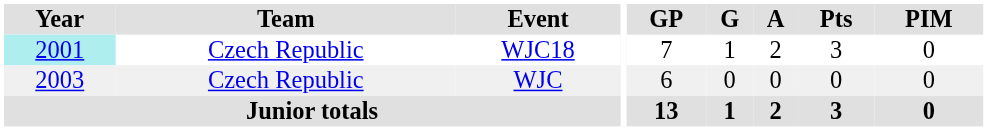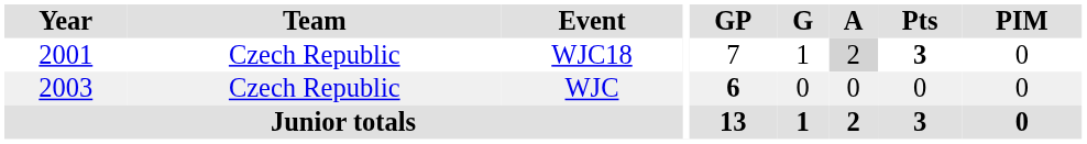 <table border="0" cellpadding="1" cellspacing="0" ID="Table3" style="text-align:center; width:40em">
 <tr ALIGN="center" bgcolor="#e0e0e0">
 <th>Year</th>
 <th>Team</th>
 <th>Event</th>
 <th rowspan="99" bgcolor="#ffffff"></th>
 <th>GP</th>
 <th>G</th>
 <th>A</th>
 <th>Pts</th>
 <th>PIM</th>
 </tr>
 <tr>
-<td style="background: paleturquoise;"><a href='#'>2001</a></td>
+<td><a href='#'>2001</a></td>
 <td><a href='#'>Czech Republic</a></td>
 <td><a href='#'>WJC18</a></td>
 <td>7</td>
 <td>1</td>
-<td>2</td>
-<td>3</td>
+<td style="background: lightgrey;">2</td>
+<td><strong>3</strong></td>
 <td>0</td>
 </tr>
 <tr bgcolor="#f0f0f0">
 <td><a href='#'>2003</a></td>
 <td><a href='#'>Czech Republic</a></td>
 <td><a href='#'>WJC</a></td>
-<td>6</td>
+<td><strong>6</strong></td>
 <td>0</td>
 <td>0</td>
 <td>0</td>
 <td>0</td>
 </tr>
 <tr bgcolor="#e0e0e0">
 <th colspan="3">Junior totals</th>
 <th>13</th>
 <th>1</th>
 <th>2</th>
 <th>3</th>
 <th>0</th>
 </tr>
 </table>
